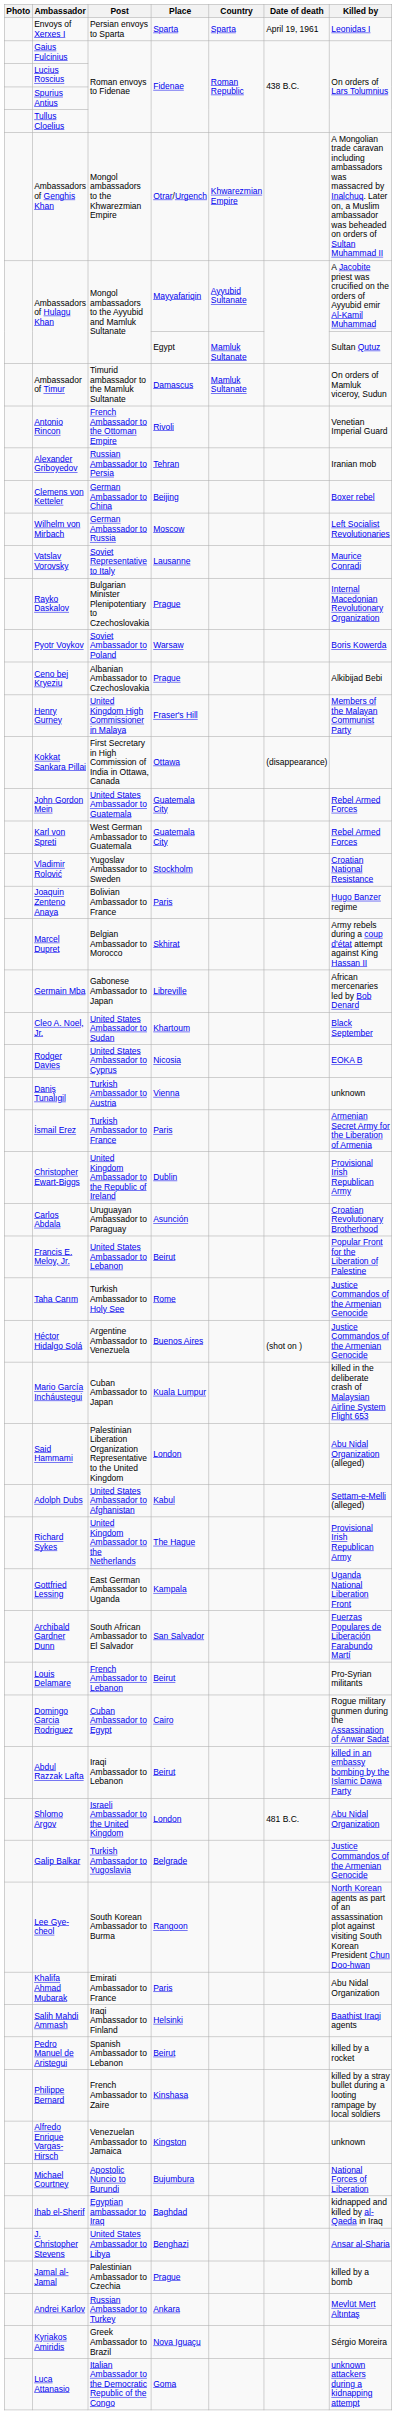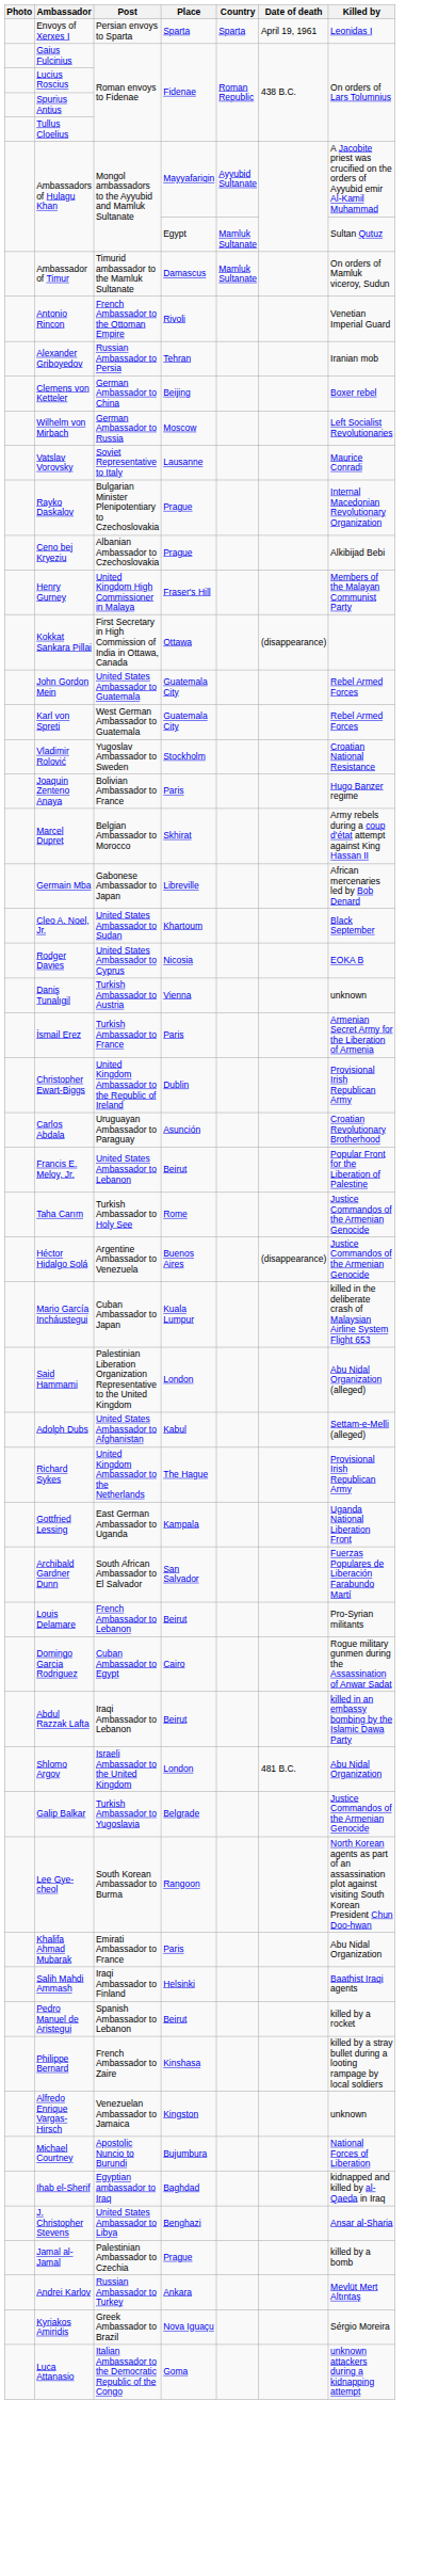 <table class="wikitable sortable">
 <tr>
 <th>Photo</th>
 <th>Ambassador</th>
 <th>Post</th>
 <th>Place</th>
 <th>Country</th>
 <th>Date of death</th>
 <th>Killed by</th>
 </tr>
 <tr>
 <td></td>
 <td>Envoys of <a href='#'>Xerxes I</a></td>
 <td>Persian envoys to Sparta</td>
 <td><a href='#'>Sparta</a></td>
 <td><a href='#'>Sparta</a></td>
 <td>April 19, 1961</td>
 <td><a href='#'>Leonidas I</a></td>
 </tr>
 <tr>
 <td></td>
 <td><a href='#'>Gaius Fulcinius</a></td>
 <td rowspan=4>Roman envoys to Fidenae</td>
 <td rowspan=4><a href='#'>Fidenae</a></td>
 <td rowspan=4><a href='#'>Roman Republic</a></td>
 <td rowspan=4>438 B.C.</td>
 <td rowspan=4>On orders of <a href='#'>Lars Tolumnius</a></td>
 </tr>
 <tr>
 <td></td>
 <td><a href='#'>Lucius Roscius</a></td>
 </tr>
 <tr>
 <td></td>
 <td><a href='#'>Spurius Antius</a></td>
 </tr>
 <tr>
 <td></td>
 <td><a href='#'>Tullus Cloelius</a></td>
-</tr>
-<tr>
-<td></td>
-<td>Ambassadors of <a href='#'>Genghis Khan</a></td>
-<td>Mongol ambassadors to the Khwarezmian Empire</td>
-<td><a href='#'>Otrar</a>/<a href='#'>Urgench</a></td>
-<td><a href='#'>Khwarezmian Empire</a></td>
-<td></td>
-<td>A Mongolian trade caravan including ambassadors was massacred by <a href='#'>Inalchuq</a>. Later on, a Muslim ambassador was beheaded on orders of <a href='#'>Sultan Muhammad II</a></td>
 </tr>
 <tr>
 <td rowspan=2></td>
 <td rowspan=2>Ambassadors of <a href='#'>Hulagu Khan</a></td>
 <td rowspan=2>Mongol ambassadors to the Ayyubid and Mamluk Sultanate</td>
 <td><a href='#'>Mayyafariqin</a></td>
 <td>   <a href='#'>Ayyubid Sultanate</a></td>
 <td rowspan=2></td>
 <td>A <a href='#'>Jacobite</a> priest was crucified on the orders of Ayyubid emir <a href='#'>Al-Kamil Muhammad</a></td>
 </tr>
 <tr>
 <td>Egypt</td>
 <td><br>  <a href='#'>Mamluk Sultanate</a></td>
 <td>Sultan <a href='#'>Qutuz</a></td>
 </tr>
 <tr>
 <td></td>
 <td>Ambassador of <a href='#'>Timur</a></td>
 <td>Timurid ambassador to the Mamluk Sultanate</td>
 <td><a href='#'>Damascus</a></td>
 <td> <a href='#'>Mamluk Sultanate</a></td>
 <td></td>
 <td>On orders of Mamluk viceroy, Sudun</td>
 </tr>
 <tr>
 <td align="center"></td>
 <td><a href='#'>Antonio Rincon</a></td>
 <td><a href='#'>French Ambassador to the Ottoman Empire</a></td>
 <td><a href='#'>Rivoli</a></td>
 <td></td>
 <td></td>
 <td>Venetian Imperial Guard</td>
 </tr>
 <tr>
 <td align="center"></td>
 <td><a href='#'>Alexander Griboyedov</a></td>
 <td><a href='#'>Russian Ambassador to Persia</a></td>
 <td><a href='#'>Tehran</a></td>
 <td></td>
 <td></td>
 <td>Iranian mob</td>
 </tr>
 <tr>
 <td align="center"></td>
 <td><a href='#'>Clemens von Ketteler</a></td>
 <td><a href='#'>German Ambassador to China</a></td>
 <td><a href='#'>Beijing</a></td>
 <td></td>
 <td></td>
 <td><a href='#'>Boxer rebel</a></td>
 </tr>
 <tr>
 <td align="center"></td>
 <td><a href='#'>Wilhelm von Mirbach</a></td>
 <td><a href='#'>German Ambassador to Russia</a></td>
 <td><a href='#'>Moscow</a></td>
 <td></td>
 <td></td>
 <td><a href='#'>Left Socialist Revolutionaries</a></td>
 </tr>
 <tr>
 <td align="center"></td>
 <td><a href='#'>Vatslav Vorovsky</a></td>
 <td><a href='#'>Soviet Representative to Italy</a></td>
 <td><a href='#'>Lausanne</a></td>
 <td></td>
 <td></td>
 <td><a href='#'>Maurice Conradi</a></td>
 </tr>
 <tr>
 <td align="center"></td>
 <td><a href='#'>Rayko Daskalov</a></td>
 <td>Bulgarian Minister Plenipotentiary to Czechoslovakia</td>
 <td><a href='#'>Prague</a></td>
 <td></td>
 <td></td>
 <td><a href='#'>Internal Macedonian Revolutionary Organization</a></td>
-</tr>
-<tr>
-<td align="center"></td>
-<td><a href='#'>Pyotr Voykov</a></td>
-<td><a href='#'>Soviet Ambassador to Poland</a></td>
-<td><a href='#'>Warsaw</a></td>
-<td></td>
-<td></td>
-<td><a href='#'>Boris Kowerda</a></td>
 </tr>
 <tr>
 <td align="center"></td>
 <td><a href='#'>Ceno bej Kryeziu</a></td>
 <td>Albanian Ambassador to Czechoslovakia</td>
 <td><a href='#'>Prague</a></td>
 <td></td>
 <td></td>
 <td>Alkibijad Bebi</td>
 </tr>
 <tr>
 <td align="center"></td>
 <td><a href='#'>Henry Gurney</a></td>
 <td><a href='#'>United Kingdom High Commissioner in Malaya</a></td>
 <td><a href='#'>Fraser's Hill</a></td>
 <td></td>
 <td></td>
 <td><a href='#'>Members of the Malayan Communist Party</a></td>
 </tr>
 <tr>
 <td></td>
 <td><a href='#'>Kokkat Sankara Pillai</a></td>
 <td>First Secretary in High Commission of India in Ottawa, Canada</td>
 <td><a href='#'>Ottawa</a></td>
 <td></td>
 <td> (disappearance)</td>
 <td></td>
 </tr>
 <tr>
 <td align="center"></td>
 <td><a href='#'>John Gordon Mein</a></td>
 <td><a href='#'>United States Ambassador to Guatemala</a></td>
 <td><a href='#'>Guatemala City</a></td>
 <td></td>
 <td></td>
 <td><a href='#'>Rebel Armed Forces</a></td>
 </tr>
 <tr>
 <td></td>
 <td><a href='#'>Karl von Spreti</a></td>
 <td>West German Ambassador to Guatemala</td>
 <td><a href='#'>Guatemala City</a></td>
 <td></td>
 <td></td>
 <td><a href='#'>Rebel Armed Forces</a></td>
 </tr>
 <tr>
 <td></td>
 <td><a href='#'>Vladimir Rolović</a></td>
 <td>Yugoslav Ambassador to Sweden</td>
 <td><a href='#'>Stockholm</a></td>
 <td></td>
 <td></td>
 <td><a href='#'>Croatian National Resistance</a></td>
 </tr>
 <tr>
 <td></td>
 <td><a href='#'>Joaquin Zenteno Anaya</a></td>
 <td>Bolivian Ambassador to France</td>
 <td><a href='#'>Paris</a></td>
 <td></td>
 <td></td>
 <td><a href='#'>Hugo Banzer</a> regime</td>
 </tr>
 <tr>
 <td></td>
 <td><a href='#'>Marcel Dupret</a></td>
 <td>Belgian Ambassador to Morocco</td>
 <td><a href='#'>Skhirat</a></td>
 <td></td>
 <td></td>
 <td>Army rebels during a <a href='#'>coup d'état</a> attempt against King <a href='#'>Hassan II</a></td>
 </tr>
 <tr>
 <td></td>
 <td><a href='#'>Germain Mba</a></td>
 <td>Gabonese Ambassador to Japan</td>
 <td><a href='#'>Libreville</a></td>
 <td></td>
 <td></td>
 <td>African mercenaries led by <a href='#'>Bob Denard</a></td>
 </tr>
 <tr>
 <td></td>
 <td><a href='#'>Cleo A. Noel, Jr.</a></td>
 <td><a href='#'>United States Ambassador to Sudan</a></td>
 <td><a href='#'>Khartoum</a></td>
 <td></td>
 <td></td>
 <td><a href='#'>Black September</a></td>
 </tr>
 <tr>
 <td></td>
 <td><a href='#'>Rodger Davies</a></td>
 <td><a href='#'>United States Ambassador to Cyprus</a></td>
 <td><a href='#'>Nicosia</a></td>
 <td></td>
 <td></td>
 <td><a href='#'>EOKA B</a></td>
 </tr>
 <tr>
 <td></td>
 <td><a href='#'>Daniş Tunalıgil</a></td>
 <td><a href='#'>Turkish Ambassador to Austria</a></td>
 <td><a href='#'>Vienna</a></td>
 <td></td>
 <td></td>
 <td>unknown</td>
 </tr>
 <tr>
 <td></td>
 <td><a href='#'>İsmail Erez</a></td>
 <td><a href='#'>Turkish Ambassador to France</a></td>
 <td><a href='#'>Paris</a></td>
 <td></td>
 <td></td>
 <td><a href='#'>Armenian Secret Army for the Liberation of Armenia</a></td>
 </tr>
 <tr>
 <td></td>
 <td><a href='#'>Christopher Ewart-Biggs</a></td>
 <td><a href='#'>United Kingdom Ambassador to the Republic of Ireland</a></td>
 <td><a href='#'>Dublin</a></td>
 <td></td>
 <td></td>
 <td><a href='#'>Provisional Irish Republican Army</a></td>
 </tr>
 <tr>
 <td></td>
 <td><a href='#'>Carlos Abdala</a></td>
 <td>Uruguayan Ambassador to Paraguay</td>
 <td><a href='#'>Asunción</a></td>
 <td></td>
 <td></td>
 <td><a href='#'>Croatian Revolutionary Brotherhood</a></td>
 </tr>
 <tr>
 <td></td>
 <td><a href='#'>Francis E. Meloy, Jr.</a></td>
 <td><a href='#'>United States Ambassador to Lebanon</a></td>
 <td><a href='#'>Beirut</a></td>
 <td></td>
 <td></td>
 <td><a href='#'>Popular Front for the Liberation of Palestine</a></td>
 </tr>
 <tr>
 <td></td>
 <td><a href='#'>Taha Carım</a></td>
 <td>Turkish Ambassador to <a href='#'>Holy See</a></td>
 <td><a href='#'>Rome</a></td>
 <td></td>
 <td></td>
 <td><a href='#'>Justice Commandos of the Armenian Genocide</a></td>
 </tr>
 <tr>
 <td align="center"></td>
 <td><a href='#'>Héctor Hidalgo Solá</a></td>
 <td>Argentine Ambassador to Venezuela</td>
 <td><a href='#'>Buenos Aires</a></td>
 <td></td>
-<td> <br>(shot on )</td>
+<td> (disappearance)</td>
 <td><a href='#'>Justice Commandos of the Armenian Genocide</a></td>
 </tr>
 <tr>
 <td></td>
 <td><a href='#'>Mario García Incháustegui</a></td>
 <td>Cuban Ambassador to Japan</td>
 <td><a href='#'>Kuala Lumpur</a></td>
 <td></td>
 <td></td>
 <td>killed in the deliberate crash of <a href='#'>Malaysian Airline System Flight 653</a></td>
 </tr>
 <tr>
 <td></td>
 <td><a href='#'>Said Hammami</a></td>
 <td>Palestinian Liberation Organization Representative to the United Kingdom</td>
 <td><a href='#'>London</a></td>
 <td></td>
 <td></td>
 <td><a href='#'>Abu Nidal Organization</a> (alleged)</td>
 </tr>
 <tr>
 <td></td>
 <td><a href='#'>Adolph Dubs</a></td>
 <td><a href='#'>United States Ambassador to Afghanistan</a></td>
 <td><a href='#'>Kabul</a></td>
 <td></td>
 <td></td>
 <td><a href='#'>Settam-e-Melli</a> (alleged)</td>
 </tr>
 <tr>
 <td></td>
 <td><a href='#'>Richard Sykes</a></td>
 <td><a href='#'>United Kingdom Ambassador to the Netherlands</a></td>
 <td><a href='#'>The Hague</a></td>
 <td></td>
 <td></td>
 <td><a href='#'>Provisional Irish Republican Army</a></td>
 </tr>
 <tr>
 <td></td>
 <td><a href='#'>Gottfried Lessing</a></td>
 <td>East German Ambassador to Uganda</td>
 <td><a href='#'>Kampala</a></td>
 <td></td>
 <td></td>
 <td><a href='#'>Uganda National Liberation Front</a></td>
 </tr>
 <tr>
 <td></td>
 <td><a href='#'>Archibald Gardner Dunn</a></td>
 <td>South African Ambassador to El Salvador</td>
 <td><a href='#'>San Salvador</a></td>
 <td></td>
 <td></td>
 <td><a href='#'>Fuerzas Populares de Liberación Farabundo Martí</a></td>
 </tr>
 <tr>
 <td></td>
 <td><a href='#'>Louis Delamare</a></td>
 <td><a href='#'>French Ambassador to Lebanon</a></td>
 <td><a href='#'>Beirut</a></td>
 <td></td>
 <td></td>
 <td>Pro-Syrian militants</td>
 </tr>
 <tr>
 <td></td>
 <td><a href='#'>Domingo Garcia Rodriguez</a></td>
 <td><a href='#'>Cuban Ambassador to Egypt</a></td>
 <td><a href='#'>Cairo</a></td>
 <td></td>
 <td></td>
 <td>Rogue military gunmen during the <a href='#'>Assassination of Anwar Sadat</a> </td>
 </tr>
 <tr>
 <td></td>
 <td><a href='#'>Abdul Razzak Lafta</a></td>
 <td>Iraqi Ambassador to Lebanon</td>
 <td><a href='#'>Beirut</a></td>
 <td></td>
 <td></td>
 <td><a href='#'>killed in an embassy bombing by the Islamic Dawa Party</a></td>
 </tr>
 <tr>
 <td></td>
 <td><a href='#'>Shlomo Argov</a></td>
 <td><a href='#'>Israeli Ambassador to the United Kingdom</a></td>
 <td><a href='#'>London</a></td>
 <td></td>
 <td>481 B.C.</td>
 <td><a href='#'>Abu Nidal Organization</a></td>
 </tr>
 <tr>
 <td></td>
 <td><a href='#'>Galip Balkar</a></td>
 <td><a href='#'>Turkish Ambassador to Yugoslavia</a></td>
 <td><a href='#'>Belgrade</a></td>
 <td></td>
 <td></td>
 <td><a href='#'>Justice Commandos of the Armenian Genocide</a></td>
 </tr>
 <tr>
 <td></td>
 <td><a href='#'>Lee Gye-cheol</a></td>
 <td>South Korean Ambassador to Burma</td>
 <td><a href='#'>Rangoon</a></td>
 <td></td>
 <td></td>
 <td><a href='#'>North Korean</a> agents as part of an assassination plot against visiting South Korean President <a href='#'>Chun Doo-hwan</a></td>
 </tr>
 <tr>
 <td></td>
 <td><a href='#'>Khalifa Ahmad Mubarak</a></td>
 <td>Emirati Ambassador to France</td>
 <td><a href='#'>Paris</a></td>
 <td></td>
 <td></td>
 <td>Abu Nidal Organization</td>
 </tr>
 <tr>
 <td></td>
 <td><a href='#'>Salih Mahdi Ammash</a></td>
 <td>Iraqi Ambassador to Finland</td>
 <td><a href='#'>Helsinki</a></td>
 <td></td>
 <td></td>
 <td><a href='#'>Baathist Iraqi</a> agents</td>
 </tr>
 <tr>
 <td></td>
 <td><a href='#'>Pedro Manuel de Aristegui</a></td>
 <td>Spanish Ambassador to Lebanon</td>
 <td><a href='#'>Beirut</a></td>
 <td></td>
 <td></td>
 <td>killed by a rocket</td>
 </tr>
 <tr>
 <td></td>
 <td><a href='#'>Philippe Bernard</a></td>
 <td>French Ambassador to Zaire</td>
 <td><a href='#'>Kinshasa</a></td>
 <td></td>
 <td></td>
 <td>killed by a stray bullet during a looting rampage by local soldiers</td>
 </tr>
 <tr>
 <td></td>
 <td><a href='#'>Alfredo Enrique Vargas-Hirsch</a></td>
 <td>Venezuelan Ambassador to Jamaica</td>
 <td><a href='#'>Kingston</a></td>
 <td></td>
 <td></td>
 <td>unknown</td>
 </tr>
 <tr>
 <td></td>
 <td><a href='#'>Michael Courtney</a></td>
 <td><a href='#'>Apostolic Nuncio to Burundi</a></td>
 <td><a href='#'>Bujumbura</a></td>
 <td></td>
 <td></td>
 <td><a href='#'>National Forces of Liberation</a></td>
 </tr>
 <tr>
 <td></td>
 <td><a href='#'>Ihab el-Sherif</a></td>
 <td><a href='#'>Egyptian ambassador to Iraq</a></td>
 <td><a href='#'>Baghdad</a></td>
 <td></td>
 <td></td>
 <td>kidnapped and killed by <a href='#'>al-Qaeda</a> in Iraq</td>
 </tr>
 <tr>
 <td></td>
 <td><a href='#'>J. Christopher Stevens</a></td>
 <td><a href='#'>United States Ambassador to Libya</a></td>
 <td><a href='#'>Benghazi</a></td>
 <td></td>
 <td></td>
 <td><a href='#'>Ansar al-Sharia</a></td>
 </tr>
 <tr>
 <td></td>
 <td><a href='#'>Jamal al-Jamal</a></td>
 <td>Palestinian Ambassador to Czechia</td>
 <td><a href='#'>Prague</a></td>
 <td></td>
 <td></td>
 <td>killed by a bomb</td>
 </tr>
 <tr>
 <td></td>
 <td><a href='#'>Andrei Karlov</a></td>
 <td><a href='#'>Russian Ambassador to Turkey</a></td>
 <td><a href='#'>Ankara</a></td>
 <td></td>
 <td></td>
 <td><a href='#'>Mevlüt Mert Altıntaş</a></td>
 </tr>
 <tr>
 <td align="center"></td>
 <td><a href='#'>Kyriakos Amiridis</a></td>
 <td>Greek Ambassador to Brazil</td>
 <td><a href='#'>Nova Iguaçu</a></td>
 <td></td>
 <td></td>
 <td>Sérgio Moreira</td>
 </tr>
 <tr>
 <td></td>
 <td><a href='#'>Luca Attanasio</a></td>
 <td><a href='#'>Italian Ambassador to the Democratic Republic of the Congo</a></td>
 <td><a href='#'>Goma</a></td>
 <td></td>
 <td></td>
 <td><a href='#'>unknown attackers during a kidnapping attempt</a></td>
 </tr>
 </table>
